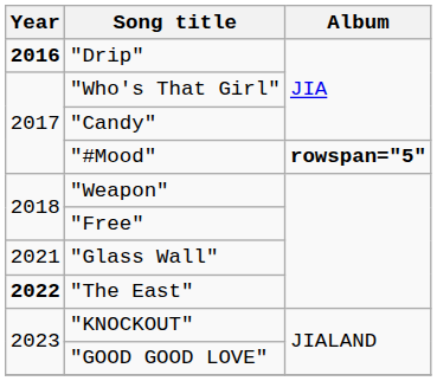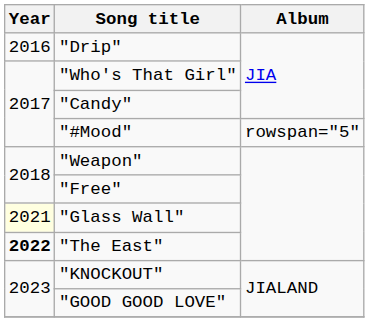 <table class="wikitable">
 <tr>
 <th>Year</th>
 <th>Song title</th>
 <th>Album</th>
 </tr>
 <tr>
-<td><strong>2016</strong></td>
+<td>2016</td>
 <td>"Drip"</td>
 <td rowspan="3"><a href='#'>JIA</a></td>
 </tr>
 <tr>
 <td rowspan="3">2017</td>
 <td>"Who's That Girl"</td>
 </tr>
 <tr>
 <td>"Candy"</td>
 </tr>
 <tr>
 <td>"#Mood"</td>
-<td><strong>rowspan="5" </strong></td>
+<td>rowspan="5" </td>
 </tr>
 <tr>
 <td rowspan="2">2018</td>
 <td>"Weapon"</td>
 </tr>
 <tr>
 <td>"Free"</td>
 </tr>
 <tr>
-<td>2021</td>
+<td style="background: lightyellow;">2021</td>
 <td>"Glass Wall"</td>
 </tr>
 <tr>
 <td><strong>2022</strong></td>
 <td>"The East"</td>
 </tr>
 <tr>
 <td rowspan="2">2023</td>
 <td>"KNOCKOUT"</td>
 <td rowspan="2">JIALAND</td>
 </tr>
 <tr>
 <td>"GOOD GOOD LOVE"</td>
 </tr>
 <tr>
 </tr>
 </table>
